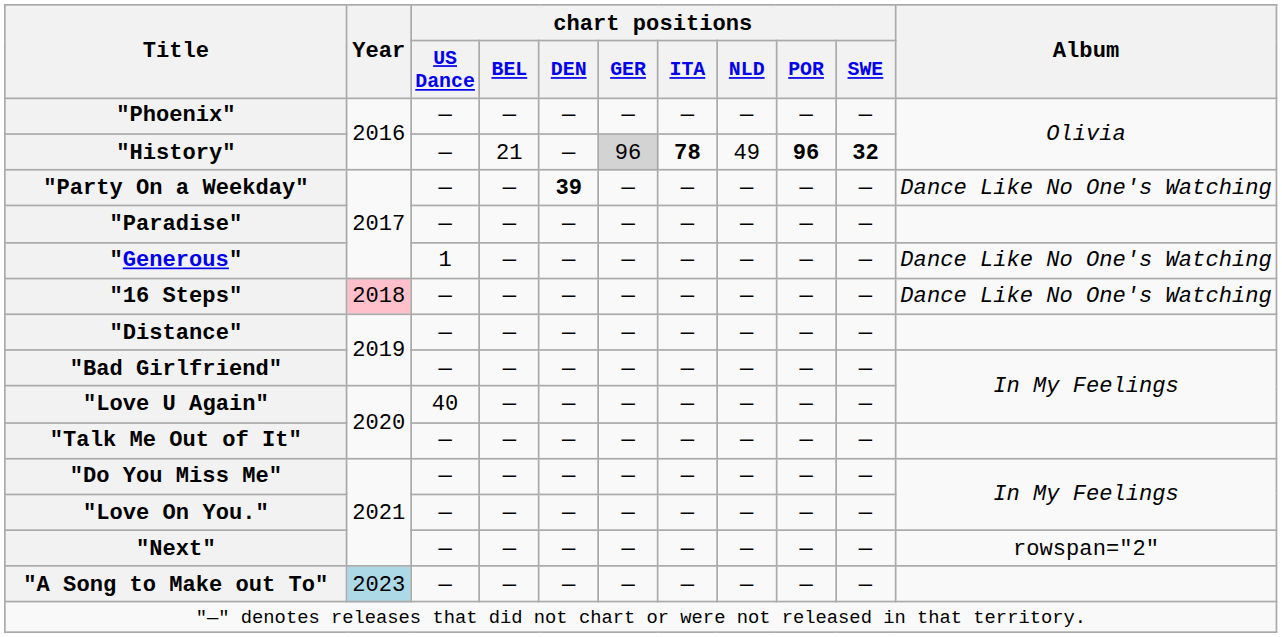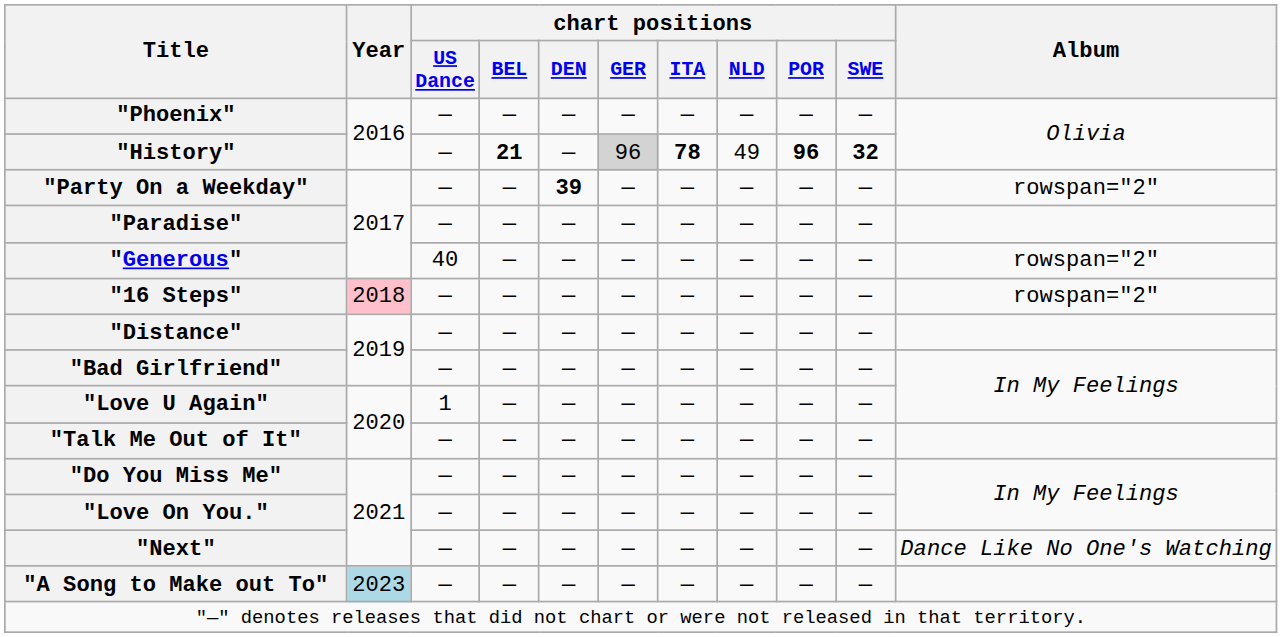 <table class="wikitable plainrowheaders" style="text-align:center;">
 <tr>
 <th scope="col" rowspan="2" style="width:15em;">Title</th>
 <th scope="col" rowspan="2">Year</th>
 <th scope="col" colspan="8">chart positions</th>
 <th scope="col" rowspan="2">Album</th>
 </tr>
 <tr>
 <th scope="col" style="width:2.5em;font-size:90%;"><a href='#'>US<br>Dance</a><br></th>
 <th scope="col" style="width:2.5em;font-size:90%;"><a href='#'>BEL</a><br></th>
 <th scope="col" style="width:2.5em;font-size:90%;"><a href='#'>DEN</a><br></th>
 <th scope="col" style="width:2.5em;font-size:90%;"><a href='#'>GER</a><br></th>
 <th scope="col" style="width:2.5em;font-size:90%;"><a href='#'>ITA</a><br></th>
 <th scope="col" style="width:2.5em;font-size:90%;"><a href='#'>NLD</a><br></th>
 <th scope="col" style="width:2.5em;font-size:90%;"><a href='#'>POR</a><br></th>
 <th scope="col" style="width:2.5em;font-size:90%;"><a href='#'>SWE</a><br></th>
 </tr>
 <tr>
 <th scope="row">"Phoenix"</th>
 <td rowspan="2">2016</td>
 <td>—</td>
 <td>—</td>
 <td>—</td>
 <td>—</td>
 <td>—</td>
 <td>—</td>
 <td>—</td>
 <td>—</td>
 <td rowspan="2"><em>Olivia</em></td>
 </tr>
 <tr>
 <th scope="row">"History"</th>
 <td>—</td>
-<td>21</td>
+<td><strong>21</strong></td>
 <td>—</td>
 <td style="background: lightgrey;">96</td>
 <td><strong>78</strong></td>
 <td>49</td>
 <td><strong>96</strong></td>
 <td><strong>32</strong></td>
 </tr>
 <tr>
 <th scope="row">"Party On a Weekday"<br></th>
 <td rowspan="3">2017</td>
 <td>—</td>
 <td>—</td>
 <td><strong>39</strong></td>
 <td>—</td>
 <td>—</td>
 <td>—</td>
 <td>—</td>
 <td>—</td>
-<td><em>Dance Like No One's Watching</em></td>
+<td>rowspan="2" </td>
 </tr>
 <tr>
 <th scope="row">"Paradise"<br></th>
 <td>—</td>
 <td>—</td>
 <td>—</td>
 <td>—</td>
 <td>—</td>
 <td>—</td>
 <td>—</td>
 <td>—</td>
 </tr>
 <tr>
 <th scope="row">"<a href='#'>Generous</a>"</th>
-<td>1</td>
+<td>40</td>
 <td>—</td>
 <td>—</td>
 <td>—</td>
 <td>—</td>
 <td>—</td>
 <td>—</td>
 <td>—</td>
-<td><em>Dance Like No One's Watching</em></td>
+<td>rowspan="2" </td>
 </tr>
 <tr>
 <th scope="row">"16 Steps"<br></th>
 <td style="background: pink;">2018</td>
 <td>—</td>
 <td>—</td>
 <td>—</td>
 <td>—</td>
 <td>—</td>
 <td>—</td>
 <td>—</td>
 <td>—</td>
-<td><em>Dance Like No One's Watching</em></td>
+<td>rowspan="2" </td>
 </tr>
 <tr>
 <th scope="row">"Distance"<br></th>
 <td rowspan="2">2019</td>
 <td>—</td>
 <td>—</td>
 <td>—</td>
 <td>—</td>
 <td>—</td>
 <td>—</td>
 <td>—</td>
 <td>—</td>
 </tr>
 <tr>
 <th scope="row">"Bad Girlfriend"</th>
 <td>—</td>
 <td>—</td>
 <td>—</td>
 <td>—</td>
 <td>—</td>
 <td>—</td>
 <td>—</td>
 <td>—</td>
 <td rowspan="2"><em>In My Feelings</em></td>
 </tr>
 <tr>
 <th scope="row">"Love U Again"<br></th>
 <td rowspan="2">2020</td>
-<td>40</td>
+<td>1</td>
 <td>—</td>
 <td>—</td>
 <td>—</td>
 <td>—</td>
 <td>—</td>
 <td>—</td>
 <td>—</td>
 </tr>
 <tr>
 <th scope="row">"Talk Me Out of It"</th>
 <td>—</td>
 <td>—</td>
 <td>—</td>
 <td>—</td>
 <td>—</td>
 <td>—</td>
 <td>—</td>
 <td>—</td>
 <td></td>
 </tr>
 <tr>
 <th scope="row">"Do You Miss Me"</th>
 <td rowspan="3">2021</td>
 <td>—</td>
 <td>—</td>
 <td>—</td>
 <td>—</td>
 <td>—</td>
 <td>—</td>
 <td>—</td>
 <td>—</td>
 <td rowspan="2"><em>In My Feelings</em></td>
 </tr>
 <tr>
 <th scope="row">"Love On You."</th>
 <td>—</td>
 <td>—</td>
 <td>—</td>
 <td>—</td>
 <td>—</td>
 <td>—</td>
 <td>—</td>
 <td>—</td>
 </tr>
 <tr>
 <th scope="row">"Next"</th>
 <td>—</td>
 <td>—</td>
 <td>—</td>
 <td>—</td>
 <td>—</td>
 <td>—</td>
 <td>—</td>
 <td>—</td>
-<td>rowspan="2" </td>
+<td><em>Dance Like No One's Watching</em></td>
 </tr>
 <tr>
 <th scope="row">"A Song to Make out To"<br></th>
 <td style="background: lightblue;">2023</td>
 <td>—</td>
 <td>—</td>
 <td>—</td>
 <td>—</td>
 <td>—</td>
 <td>—</td>
 <td>—</td>
 <td>—</td>
 <td></td>
 </tr>
 <tr>
 <td align="center" colspan="15" style="font-size:85%">"—" denotes releases that did not chart or were not released in that territory.</td>
 </tr>
 </table>
